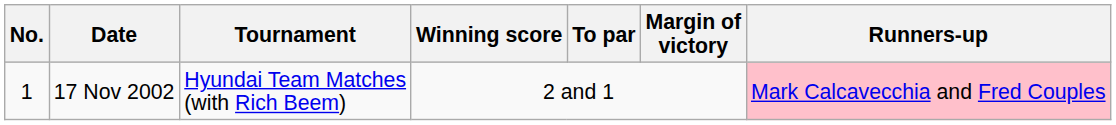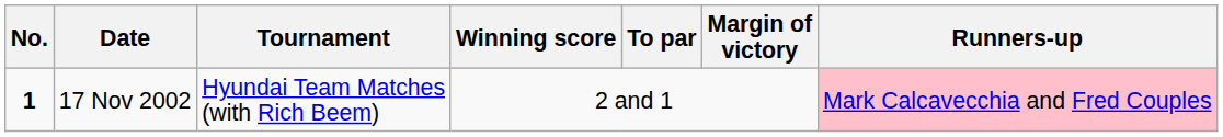 <table class="wikitable" style="font-size:95%;">
 <tr>
 <th>No.</th>
 <th>Date</th>
 <th>Tournament</th>
 <th>Winning score</th>
 <th>To par</th>
 <th>Margin of<br>victory</th>
 <th>Runners-up</th>
 </tr>
 <tr>
-<td align=center>1</td>
+<td align=center><strong>1</strong></td>
 <td align=right>17 Nov 2002</td>
 <td><a href='#'>Hyundai Team Matches</a><br>(with  <a href='#'>Rich Beem</a>)</td>
 <td colspan=3 align=center>2 and 1</td>
 <td style="background: pink;"> <a href='#'>Mark Calcavecchia</a> and  <a href='#'>Fred Couples</a></td>
 </tr>
 </table>
